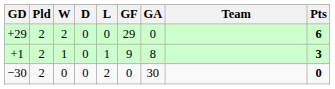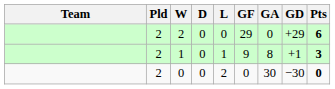 <table class="wikitable" style="text-align: center;">
 <tr>
-<th width=20 abbr="Goal difference">GD</th>
+<th width=175>Team</th>
 <th width=20 abbr="Played">Pld</th>
 <th width=20 abbr="Won">W</th>
 <th width=20 abbr="Drawn">D</th>
 <th width=20 abbr="Lost">L</th>
 <th width=20 abbr="Goals for">GF</th>
 <th width=20 abbr="Goals against">GA</th>
-<th width=175>Team</th>
+<th width=20 abbr="Goal difference">GD</th>
 <th width=20 abbr="Points">Pts</th>
 </tr>
 <tr style="background:#ccffcc;">
-<td>+29</td>
+<td style="text-align:left;"></td>
 <td>2</td>
 <td>2</td>
 <td>0</td>
 <td>0</td>
 <td>29</td>
 <td>0</td>
-<td style="text-align:left;"></td>
+<td>+29</td>
 <td><strong>6</strong></td>
 </tr>
 <tr bgcolor=#ccffcc align=center>
-<td>+1</td>
+<td style="text-align:left;"></td>
 <td>2</td>
 <td>1</td>
 <td>0</td>
 <td>1</td>
 <td>9</td>
 <td>8</td>
-<td style="text-align:left;"></td>
+<td>+1</td>
 <td><strong>3</strong></td>
 </tr>
 <tr align=center>
-<td>−30</td>
+<td style="text-align:left;"></td>
 <td>2</td>
 <td>0</td>
 <td>0</td>
 <td>2</td>
 <td>0</td>
 <td>30</td>
-<td style="text-align:left;"></td>
+<td>−30</td>
 <td><strong>0</strong></td>
 </tr>
 </table>
